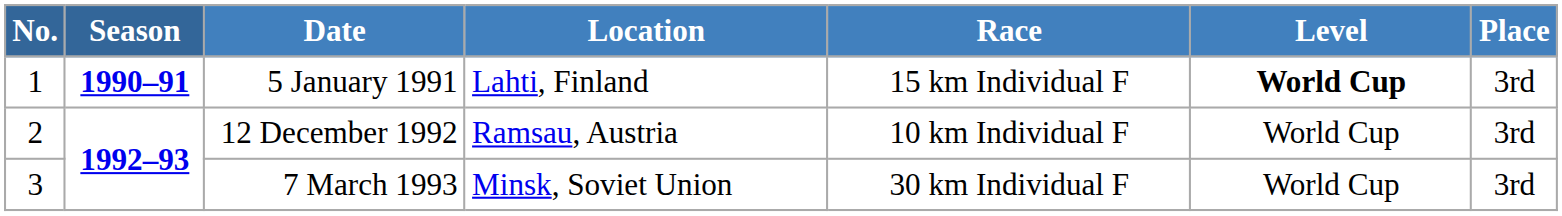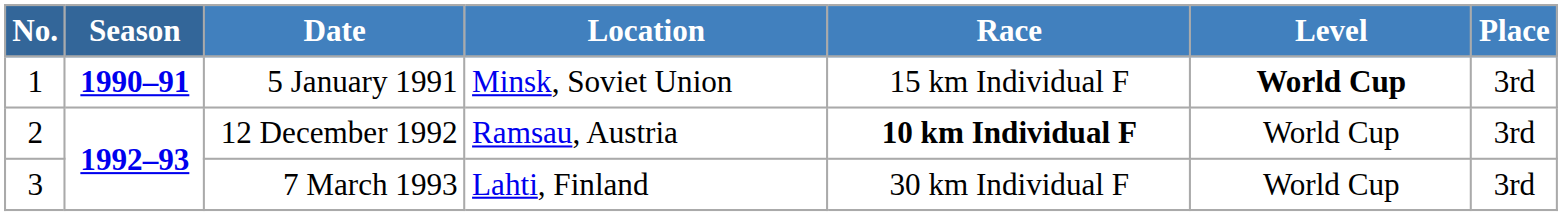 <table class="wikitable sortable" style="font-size:95%; text-align:center; border:grey solid 1px; border-collapse:collapse; background:#ffffff;">
 <tr style="background:#efefef;">
 <th style="background-color:#369; color:white;">No.</th>
 <th style="background-color:#369; color:white;">Season</th>
 <th style="background-color:#4180be; color:white; width:120px;">Date</th>
 <th style="background-color:#4180be; color:white; width:170px;">Location</th>
 <th style="background-color:#4180be; color:white; width:170px;">Race</th>
 <th style="background-color:#4180be; color:white; width:130px;">Level</th>
 <th style="background-color:#4180be; color:white;">Place</th>
 </tr>
 <tr>
 <td align=center>1</td>
 <td rowspan=1 align=center><strong> <a href='#'>1990–91</a> </strong></td>
 <td align=right>5 January 1991</td>
-<td align=left> <a href='#'>Lahti</a>, Finland</td>
+<td align=left> <a href='#'>Minsk</a>, Soviet Union</td>
 <td>15 km Individual F</td>
 <td><strong>World Cup</strong></td>
 <td>3rd</td>
 </tr>
 <tr>
 <td align=center>2</td>
 <td rowspan=2 align=center><strong> <a href='#'>1992–93</a> </strong></td>
 <td align=right>12 December 1992</td>
 <td align=left> <a href='#'>Ramsau</a>, Austria</td>
-<td>10 km Individual F</td>
+<td><strong>10 km Individual F</strong></td>
 <td>World Cup</td>
 <td>3rd</td>
 </tr>
 <tr>
 <td align=center>3</td>
 <td align=right>7 March 1993</td>
-<td align=left> <a href='#'>Minsk</a>, Soviet Union</td>
+<td align=left> <a href='#'>Lahti</a>, Finland</td>
 <td>30 km Individual F</td>
 <td>World Cup</td>
 <td>3rd</td>
 </tr>
 </table>
